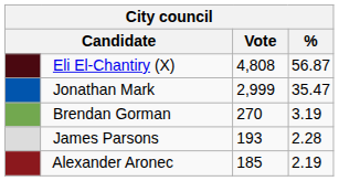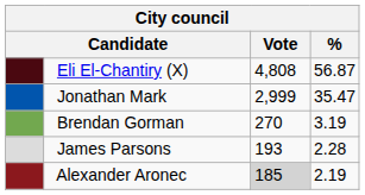 <table class="wikitable">
 <tr>
 <th colspan="4">City council</th>
 </tr>
 <tr>
 <th bgcolor="#DDDDFF" width="230px" colspan="2">Candidate</th>
 <th bgcolor="#DDDDFF" width="50px">Vote</th>
 <th bgcolor="#DDDDFF" width="30px">%</th>
 </tr>
 <tr>
 <td bgcolor=#4A0810 width="30px"> </td>
 <td>  <a href='#'>Eli El-Chantiry</a> (X)</td>
 <td>4,808</td>
 <td>56.87</td>
 </tr>
 <tr>
 <td bgcolor=#0155AD width="30px"> </td>
 <td>  Jonathan Mark</td>
 <td>2,999</td>
 <td>35.47</td>
 </tr>
 <tr>
 <td bgcolor=#72A84F width="30px"> </td>
 <td>  Brendan Gorman</td>
 <td>270</td>
 <td>3.19</td>
 </tr>
 <tr>
 <td bgcolor=#DCDCDC width="30px"> </td>
 <td>  James Parsons</td>
 <td>193</td>
 <td>2.28</td>
 </tr>
 <tr>
 <td bgcolor=#8B181D width="30px"> </td>
 <td>  Alexander Aronec</td>
-<td>185</td>
+<td style="background: lightgrey;">185</td>
 <td>2.19</td>
 </tr>
 </table>
